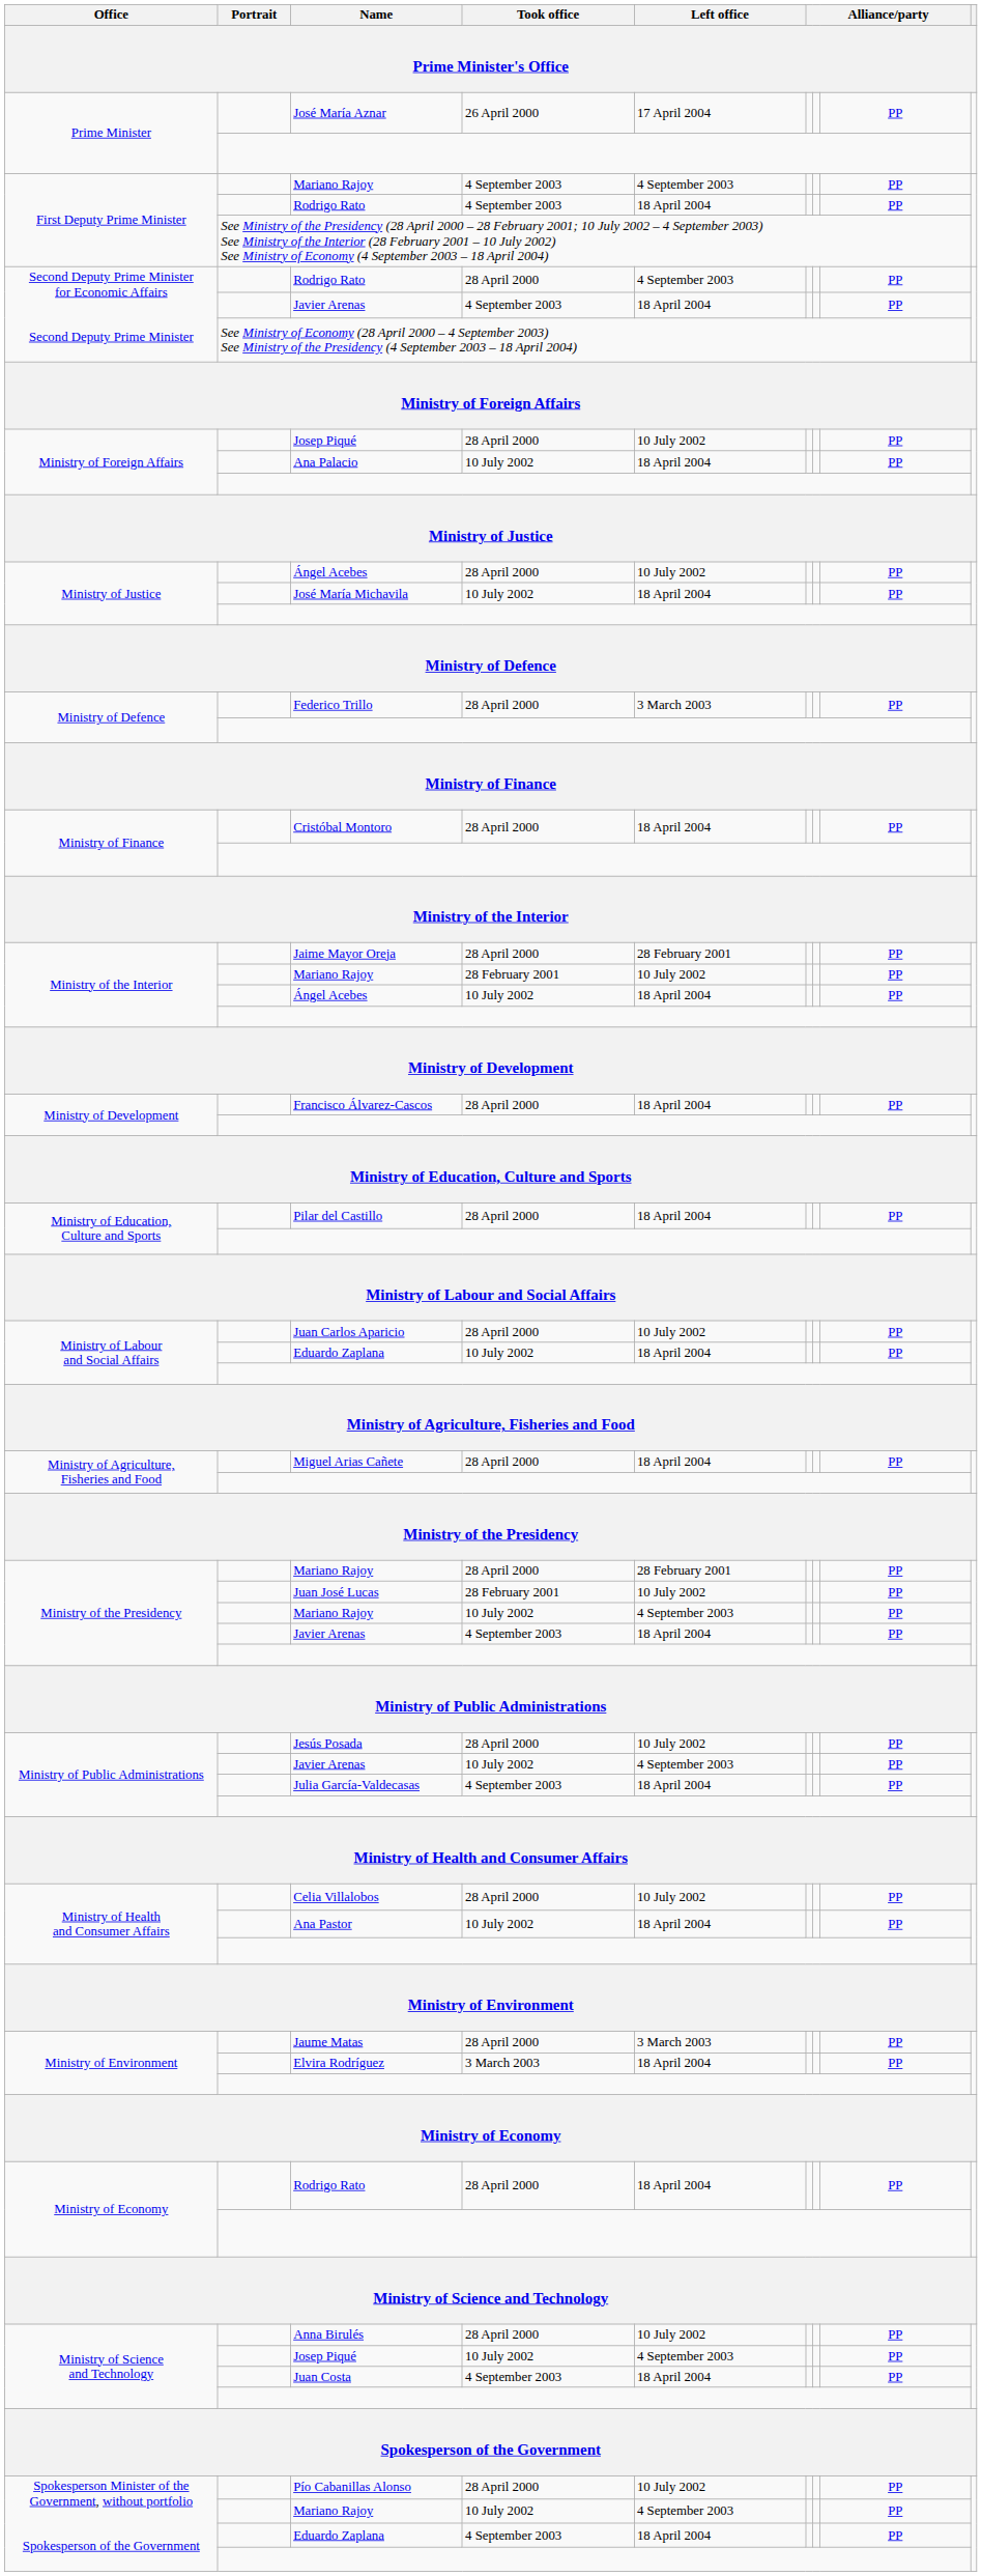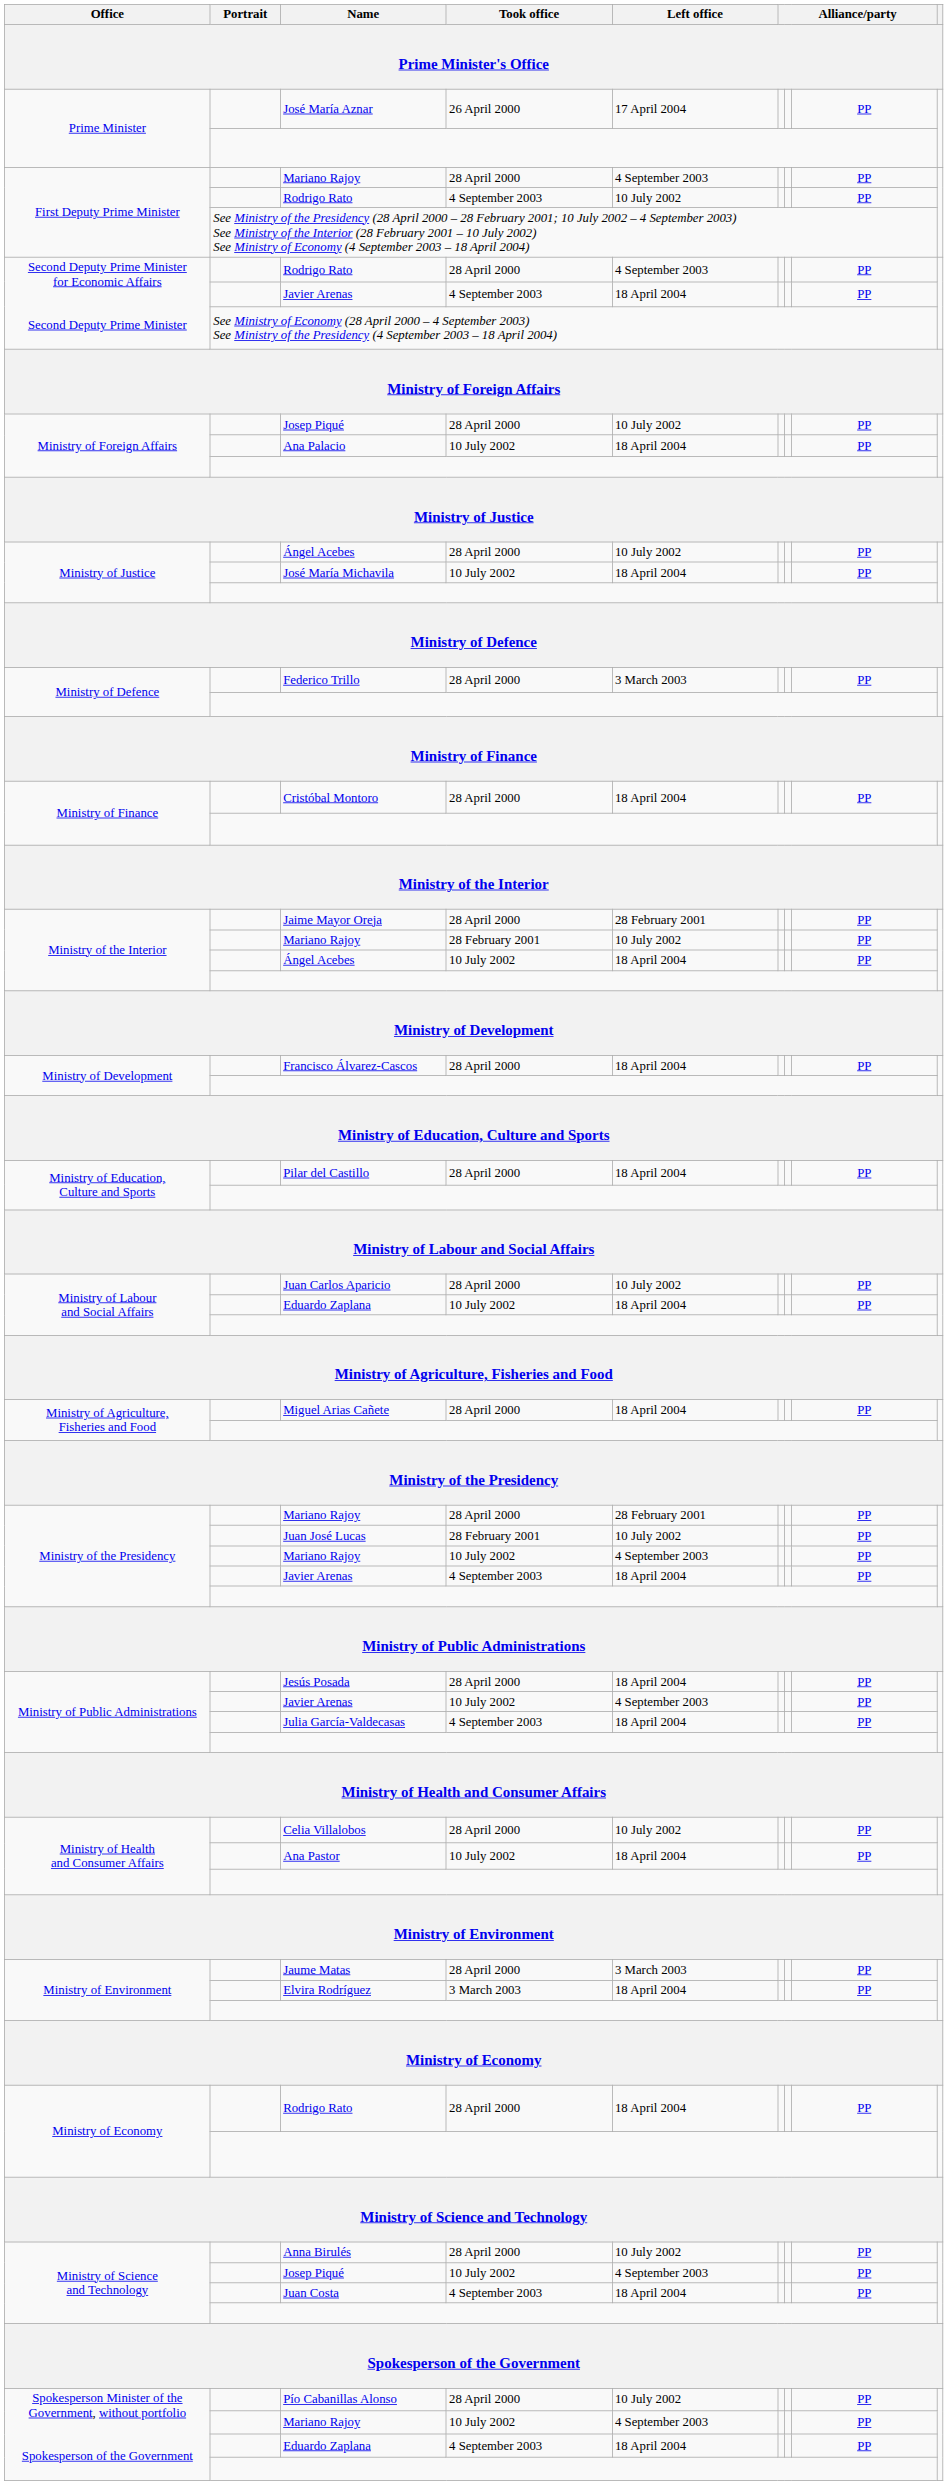 <table class="wikitable" style="line-height:18px;">
 <tr>
 <th scope="col">Office<br></th>
 <th scope="col">Portrait</th>
 <th scope="col">Name</th>
 <th scope="col">Took office</th>
 <th scope="col">Left office</th>
 <th colspan="3" scope="col">Alliance/party</th>
 <th></th>
 </tr>
 <tr>
 <th colspan="9"><br><h3><a href='#'>Prime Minister's Office</a></h3></th>
 </tr>
 <tr>
 <td align="center" rowspan="2" width="250"><a href='#'>Prime Minister</a><br></td>
 <td width="80"></td>
 <td width="200"><a href='#'>José María Aznar</a></td>
 <td width="200">26 April 2000</td>
 <td width="200">17 April 2004</td>
 <td width="1" style="background-color:"></td>
 <td width="1" style="background-color:"></td>
 <td width="175" align="center"><a href='#'>PP</a></td>
 <td align="center" rowspan="2"><br><br><br><br><br></td>
 </tr>
 <tr>
 <td colspan="7"><br> </td>
 </tr>
 <tr>
 <td align="center" rowspan="3"><a href='#'>First Deputy Prime Minister</a><br></td>
 <td></td>
 <td><a href='#'>Mariano Rajoy</a></td>
-<td>4 September 2003</td>
+<td>28 April 2000</td>
 <td>4 September 2003</td>
 <td style="background-color:"></td>
 <td style="background-color:"></td>
 <td align="center"><a href='#'>PP</a></td>
 <td align="center" rowspan="3"><br></td>
 </tr>
 <tr>
 <td></td>
 <td><a href='#'>Rodrigo Rato</a></td>
 <td>4 September 2003</td>
-<td>18 April 2004</td>
+<td>10 July 2002</td>
 <td style="background-color:"></td>
 <td style="background-color:"></td>
 <td align="center"><a href='#'>PP</a></td>
 </tr>
 <tr>
 <td colspan="7"><em>See <a href='#'>Ministry of the Presidency</a> (28 April 2000 – 28 February 2001; 10 July 2002 – 4 September 2003)<br>See <a href='#'>Ministry of the Interior</a> (28 February 2001 – 10 July 2002)<br>See <a href='#'>Ministry of Economy</a> (4 September 2003 – 18 April 2004)</em></td>
 </tr>
 <tr>
 <td align="center" rowspan="3"><a href='#'>Second Deputy Prime Minister<br>for Economic Affairs</a><br><br><br><a href='#'>Second Deputy Prime Minister</a><br><br></td>
 <td></td>
 <td><a href='#'>Rodrigo Rato</a></td>
 <td>28 April 2000</td>
 <td>4 September 2003</td>
 <td style="background-color:"></td>
 <td style="background-color:"></td>
 <td align="center"><a href='#'>PP</a></td>
 <td align="center" rowspan="3"><br></td>
 </tr>
 <tr>
 <td></td>
 <td><a href='#'>Javier Arenas</a></td>
 <td>4 September 2003</td>
 <td>18 April 2004</td>
 <td style="background-color:"></td>
 <td style="background-color:"></td>
 <td align="center"><a href='#'>PP</a></td>
 </tr>
 <tr>
 <td colspan="7"><em>See <a href='#'>Ministry of Economy</a> (28 April 2000 – 4 September 2003)<br>See <a href='#'>Ministry of the Presidency</a> (4 September 2003 – 18 April 2004)</em></td>
 </tr>
 <tr>
 <th colspan="9"><br><h3><a href='#'>Ministry of Foreign Affairs</a></h3></th>
 </tr>
 <tr>
 <td align="center" rowspan="3"><a href='#'>Ministry of Foreign Affairs</a><br></td>
 <td></td>
 <td><a href='#'>Josep Piqué</a></td>
 <td>28 April 2000</td>
 <td>10 July 2002</td>
 <td style="background-color:"></td>
 <td style="background-color:"></td>
 <td align="center"><a href='#'>PP</a></td>
 <td align="center" rowspan="3"><br><br><br><br></td>
 </tr>
 <tr>
 <td></td>
 <td><a href='#'>Ana Palacio</a></td>
 <td>10 July 2002</td>
 <td>18 April 2004</td>
 <td style="background-color:"></td>
 <td style="background-color:"></td>
 <td align="center"><a href='#'>PP</a></td>
 </tr>
 <tr>
 <td colspan="7"><br></td>
 </tr>
 <tr>
 <th colspan="9"><br><h3><a href='#'>Ministry of Justice</a></h3></th>
 </tr>
 <tr>
 <td align="center" rowspan="3"><a href='#'>Ministry of Justice</a><br></td>
 <td></td>
 <td><a href='#'>Ángel Acebes</a></td>
 <td>28 April 2000</td>
 <td>10 July 2002</td>
 <td style="background-color:"></td>
 <td style="background-color:"></td>
 <td align="center"><a href='#'>PP</a></td>
 <td align="center" rowspan="3"><br><br></td>
 </tr>
 <tr>
 <td></td>
 <td><a href='#'>José María Michavila</a></td>
 <td>10 July 2002</td>
 <td>18 April 2004</td>
 <td style="background-color:"></td>
 <td style="background-color:"></td>
 <td align="center"><a href='#'>PP</a></td>
 </tr>
 <tr>
 <td colspan="7"><br></td>
 </tr>
 <tr>
 <th colspan="9"><br><h3><a href='#'>Ministry of Defence</a></h3></th>
 </tr>
 <tr>
 <td align="center" rowspan="2"><a href='#'>Ministry of Defence</a><br></td>
 <td></td>
 <td><a href='#'>Federico Trillo</a></td>
 <td>28 April 2000</td>
 <td>3 March 2003</td>
 <td style="background-color:"></td>
 <td style="background-color:"></td>
 <td align="center"><a href='#'>PP</a></td>
 <td align="center" rowspan="2"><br><br><br></td>
 </tr>
 <tr>
 <td colspan="7"><br> </td>
 </tr>
 <tr>
 <th colspan="9"><br><h3><a href='#'>Ministry of Finance</a></h3></th>
 </tr>
 <tr>
 <td align="center" rowspan="2"><a href='#'>Ministry of Finance</a><br></td>
 <td></td>
 <td><a href='#'>Cristóbal Montoro</a></td>
 <td>28 April 2000</td>
 <td>18 April 2004</td>
 <td style="background-color:"></td>
 <td style="background-color:"></td>
 <td align="center"><a href='#'>PP</a></td>
 <td align="center" rowspan="2"><br><br><br><br></td>
 </tr>
 <tr>
 <td colspan="7"><br></td>
 </tr>
 <tr>
 <th colspan="9"><br><h3><a href='#'>Ministry of the Interior</a></h3></th>
 </tr>
 <tr>
 <td align="center" rowspan="4"><a href='#'>Ministry of the Interior</a><br></td>
 <td></td>
 <td><a href='#'>Jaime Mayor Oreja</a></td>
 <td>28 April 2000</td>
 <td>28 February 2001</td>
 <td style="background-color:"></td>
 <td style="background-color:"></td>
 <td align="center"><a href='#'>PP</a></td>
 <td align="center" rowspan="4"><br><br><br></td>
 </tr>
 <tr>
 <td></td>
 <td><a href='#'>Mariano Rajoy</a></td>
 <td>28 February 2001</td>
 <td>10 July 2002</td>
 <td style="background-color:"></td>
 <td style="background-color:"></td>
 <td align="center"><a href='#'>PP</a></td>
 </tr>
 <tr>
 <td></td>
 <td><a href='#'>Ángel Acebes</a></td>
 <td>10 July 2002</td>
 <td>18 April 2004</td>
 <td style="background-color:"></td>
 <td style="background-color:"></td>
 <td align="center"><a href='#'>PP</a></td>
 </tr>
 <tr>
 <td colspan="7"><br></td>
 </tr>
 <tr>
 <th colspan="9"><br><h3><a href='#'>Ministry of Development</a></h3></th>
 </tr>
 <tr>
 <td align="center" rowspan="2"><a href='#'>Ministry of Development</a><br></td>
 <td></td>
 <td><a href='#'>Francisco Álvarez-Cascos</a></td>
 <td>28 April 2000</td>
 <td>18 April 2004</td>
 <td style="background-color:"></td>
 <td style="background-color:"></td>
 <td align="center"><a href='#'>PP</a></td>
 <td align="center" rowspan="2"><br><br></td>
 </tr>
 <tr>
 <td colspan="7"><br></td>
 </tr>
 <tr>
 <th colspan="9"><br><h3><a href='#'>Ministry of Education, Culture and Sports</a></h3></th>
 </tr>
 <tr>
 <td align="center" rowspan="2"><a href='#'>Ministry of Education,<br>Culture and Sports</a><br></td>
 <td></td>
 <td><a href='#'>Pilar del Castillo</a></td>
 <td>28 April 2000</td>
 <td>18 April 2004</td>
 <td style="background-color:"></td>
 <td style="background-color:"></td>
 <td align="center"><a href='#'>PP</a></td>
 <td align="center" rowspan="2"><br><br><br></td>
 </tr>
 <tr>
 <td colspan="7"><br></td>
 </tr>
 <tr>
 <th colspan="9"><br><h3><a href='#'>Ministry of Labour and Social Affairs</a></h3></th>
 </tr>
 <tr>
 <td align="center" rowspan="3"><a href='#'>Ministry of Labour<br>and Social Affairs</a><br></td>
 <td></td>
 <td><a href='#'>Juan Carlos Aparicio</a></td>
 <td>28 April 2000</td>
 <td>10 July 2002</td>
 <td style="background-color:"></td>
 <td style="background-color:"></td>
 <td align="center"><a href='#'>PP</a></td>
 <td align="center" rowspan="3"><br><br><br></td>
 </tr>
 <tr>
 <td></td>
 <td><a href='#'>Eduardo Zaplana</a></td>
 <td>10 July 2002</td>
 <td>18 April 2004</td>
 <td style="background-color:"></td>
 <td style="background-color:"></td>
 <td align="center"><a href='#'>PP</a></td>
 </tr>
 <tr>
 <td colspan="7"><br></td>
 </tr>
 <tr>
 <th colspan="9"><br><h3><a href='#'>Ministry of Agriculture, Fisheries and Food</a></h3></th>
 </tr>
 <tr>
 <td align="center" rowspan="2"><a href='#'>Ministry of Agriculture,<br>Fisheries and Food</a><br></td>
 <td></td>
 <td><a href='#'>Miguel Arias Cañete</a></td>
 <td>28 April 2000</td>
 <td>18 April 2004</td>
 <td style="background-color:"></td>
 <td style="background-color:"></td>
 <td align="center"><a href='#'>PP</a></td>
 <td align="center" rowspan="2"><br><br></td>
 </tr>
 <tr>
 <td colspan="7"><br></td>
 </tr>
 <tr>
 <th colspan="9"><br><h3><a href='#'>Ministry of the Presidency</a></h3></th>
 </tr>
 <tr>
 <td align="center" rowspan="5"><a href='#'>Ministry of the Presidency</a><br></td>
 <td></td>
 <td><a href='#'>Mariano Rajoy</a></td>
 <td>28 April 2000</td>
 <td>28 February 2001</td>
 <td style="background-color:"></td>
 <td style="background-color:"></td>
 <td align="center"><a href='#'>PP</a></td>
 <td align="center" rowspan="5"><br><br><br></td>
 </tr>
 <tr>
 <td></td>
 <td><a href='#'>Juan José Lucas</a></td>
 <td>28 February 2001</td>
 <td>10 July 2002</td>
 <td style="background-color:"></td>
 <td style="background-color:"></td>
 <td align="center"><a href='#'>PP</a></td>
 </tr>
 <tr>
 <td></td>
 <td><a href='#'>Mariano Rajoy</a></td>
 <td>10 July 2002</td>
 <td>4 September 2003</td>
 <td style="background-color:"></td>
 <td style="background-color:"></td>
 <td align="center"><a href='#'>PP</a></td>
 </tr>
 <tr>
 <td></td>
 <td><a href='#'>Javier Arenas</a></td>
 <td>4 September 2003</td>
 <td>18 April 2004</td>
 <td style="background-color:"></td>
 <td style="background-color:"></td>
 <td align="center"><a href='#'>PP</a></td>
 </tr>
 <tr>
 <td colspan="7"><br></td>
 </tr>
 <tr>
 <th colspan="9"><br><h3><a href='#'>Ministry of Public Administrations</a></h3></th>
 </tr>
 <tr>
 <td align="center" rowspan="4"><a href='#'>Ministry of Public Administrations</a><br></td>
 <td></td>
 <td><a href='#'>Jesús Posada</a></td>
 <td>28 April 2000</td>
-<td>10 July 2002</td>
+<td>18 April 2004</td>
 <td style="background-color:"></td>
 <td style="background-color:"></td>
 <td align="center"><a href='#'>PP</a></td>
 <td align="center" rowspan="4"><br></td>
 </tr>
 <tr>
 <td></td>
 <td><a href='#'>Javier Arenas</a></td>
 <td>10 July 2002</td>
 <td>4 September 2003</td>
 <td style="background-color:"></td>
 <td style="background-color:"></td>
 <td align="center"><a href='#'>PP</a></td>
 </tr>
 <tr>
 <td></td>
 <td><a href='#'>Julia García-Valdecasas</a></td>
 <td>4 September 2003</td>
 <td>18 April 2004</td>
 <td style="background-color:"></td>
 <td style="background-color:"></td>
 <td align="center"><a href='#'>PP</a></td>
 </tr>
 <tr>
 <td colspan="7"><br></td>
 </tr>
 <tr>
 <th colspan="9"><br><h3><a href='#'>Ministry of Health and Consumer Affairs</a></h3></th>
 </tr>
 <tr>
 <td align="center" rowspan="3"><a href='#'>Ministry of Health<br>and Consumer Affairs</a><br></td>
 <td></td>
 <td><a href='#'>Celia Villalobos</a></td>
 <td>28 April 2000</td>
 <td>10 July 2002</td>
 <td style="background-color:"></td>
 <td style="background-color:"></td>
 <td align="center"><a href='#'>PP</a></td>
 <td align="center" rowspan="3"><br><br><br><br><br></td>
 </tr>
 <tr>
 <td></td>
 <td><a href='#'>Ana Pastor</a></td>
 <td>10 July 2002</td>
 <td>18 April 2004</td>
 <td style="background-color:"></td>
 <td style="background-color:"></td>
 <td align="center"><a href='#'>PP</a></td>
 </tr>
 <tr>
 <td colspan="7"><br> </td>
 </tr>
 <tr>
 <th colspan="9"><br><h3><a href='#'>Ministry of Environment</a></h3></th>
 </tr>
 <tr>
 <td align="center" rowspan="3"><a href='#'>Ministry of Environment</a><br></td>
 <td></td>
 <td><a href='#'>Jaume Matas</a></td>
 <td>28 April 2000</td>
 <td>3 March 2003</td>
 <td style="background-color:"></td>
 <td style="background-color:"></td>
 <td align="center"><a href='#'>PP</a></td>
 <td align="center" rowspan="3"><br></td>
 </tr>
 <tr>
 <td></td>
 <td><a href='#'>Elvira Rodríguez</a></td>
 <td>3 March 2003</td>
 <td>18 April 2004</td>
 <td style="background-color:"></td>
 <td style="background-color:"></td>
 <td align="center"><a href='#'>PP</a></td>
 </tr>
 <tr>
 <td colspan="7"><br></td>
 </tr>
 <tr>
 <th colspan="9"><br><h3><a href='#'>Ministry of Economy</a></h3></th>
 </tr>
 <tr>
 <td align="center" rowspan="2"><a href='#'>Ministry of Economy</a><br></td>
 <td></td>
 <td><a href='#'>Rodrigo Rato</a></td>
 <td>28 April 2000</td>
 <td>18 April 2004</td>
 <td style="background-color:"></td>
 <td style="background-color:"></td>
 <td align="center"><a href='#'>PP</a></td>
 <td align="center" rowspan="2"><br><br><br><br><br><br></td>
 </tr>
 <tr>
 <td colspan="7"><br> </td>
 </tr>
 <tr>
 <th colspan="9"><br><h3><a href='#'>Ministry of Science and Technology</a></h3></th>
 </tr>
 <tr>
 <td align="center" rowspan="4"><a href='#'>Ministry of Science<br>and Technology</a><br></td>
 <td></td>
 <td><a href='#'>Anna Birulés</a></td>
 <td>28 April 2000</td>
 <td>10 July 2002</td>
 <td style="background-color:"></td>
 <td style="background-color:"></td>
 <td align="center"><a href='#'>PP</a><br></td>
 <td align="center" rowspan="4"><br><br></td>
 </tr>
 <tr>
 <td></td>
 <td><a href='#'>Josep Piqué</a></td>
 <td>10 July 2002</td>
 <td>4 September 2003</td>
 <td style="background-color:"></td>
 <td style="background-color:"></td>
 <td align="center"><a href='#'>PP</a></td>
 </tr>
 <tr>
 <td></td>
 <td><a href='#'>Juan Costa</a></td>
 <td>4 September 2003</td>
 <td>18 April 2004</td>
 <td style="background-color:"></td>
 <td style="background-color:"></td>
 <td align="center"><a href='#'>PP</a></td>
 </tr>
 <tr>
 <td colspan="7"><br></td>
 </tr>
 <tr>
 <th colspan="9"><br><h3><a href='#'>Spokesperson of the Government</a></h3></th>
 </tr>
 <tr>
 <td align="center" rowspan="4"><a href='#'>Spokesperson Minister of the<br>Government</a>, <a href='#'>without portfolio</a><br><br><br><a href='#'>Spokesperson of the Government</a><br><br></td>
 <td></td>
 <td><a href='#'>Pío Cabanillas Alonso</a></td>
 <td>28 April 2000</td>
 <td>10 July 2002</td>
 <td style="background-color:"></td>
 <td style="background-color:"></td>
 <td align="center"><a href='#'>PP</a><br></td>
 <td align="center" rowspan="4"><br><br><br><br><br></td>
 </tr>
 <tr>
 <td></td>
 <td><a href='#'>Mariano Rajoy</a></td>
 <td>10 July 2002</td>
 <td>4 September 2003</td>
 <td style="background-color:"></td>
 <td style="background-color:"></td>
 <td align="center"><a href='#'>PP</a></td>
 </tr>
 <tr>
 <td></td>
 <td><a href='#'>Eduardo Zaplana</a></td>
 <td>4 September 2003</td>
 <td>18 April 2004</td>
 <td style="background-color:"></td>
 <td style="background-color:"></td>
 <td align="center"><a href='#'>PP</a></td>
 </tr>
 <tr>
 <td colspan="7"><br></td>
 </tr>
 </table>
